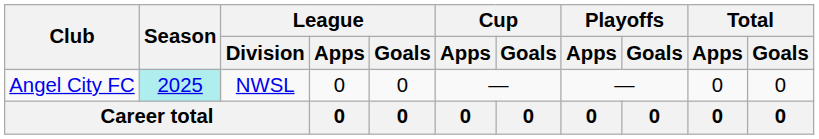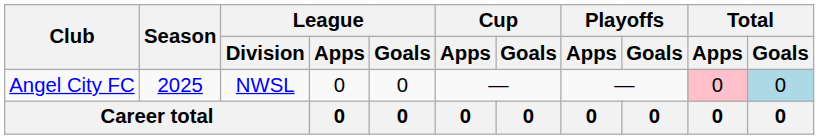 <table class="wikitable" style="text-align: center;">
 <tr>
 <th rowspan="2">Club</th>
 <th rowspan="2">Season</th>
 <th colspan="3">League</th>
 <th colspan="2">Cup</th>
 <th colspan="2">Playoffs</th>
 <th colspan="2">Total</th>
 </tr>
 <tr>
 <th>Division</th>
 <th>Apps</th>
 <th>Goals</th>
 <th>Apps</th>
 <th>Goals</th>
 <th>Apps</th>
 <th>Goals</th>
 <th>Apps</th>
 <th>Goals</th>
 </tr>
 <tr>
 <td><a href='#'>Angel City FC</a></td>
-<td style="background: paleturquoise;"><a href='#'>2025</a></td>
+<td><a href='#'>2025</a></td>
 <td><a href='#'>NWSL</a></td>
 <td>0</td>
 <td>0</td>
 <td colspan="2">—</td>
 <td colspan="2">—</td>
-<td>0</td>
-<td>0</td>
+<td style="background: pink;">0</td>
+<td style="background: lightblue;">0</td>
 </tr>
 <tr>
 <th colspan="3">Career total</th>
 <th>0</th>
 <th>0</th>
 <th>0</th>
 <th>0</th>
 <th>0</th>
 <th>0</th>
 <th>0</th>
 <th>0</th>
 </tr>
 </table>
